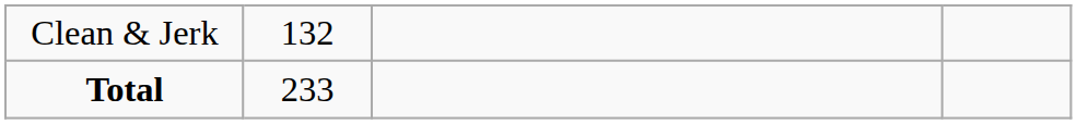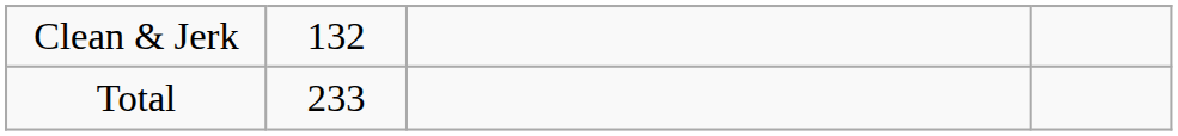 <table class = "wikitable" style="text-align:center;">
 <tr>
 <td width=100>Clean & Jerk</td>
 <td width=50>132</td>
 <td width=250 align=left></td>
 <td width=50></td>
 </tr>
 <tr>
-<td><strong>Total</strong></td>
+<td>Total</td>
 <td>233</td>
 <td align=left></td>
 <td></td>
 </tr>
 </table>
